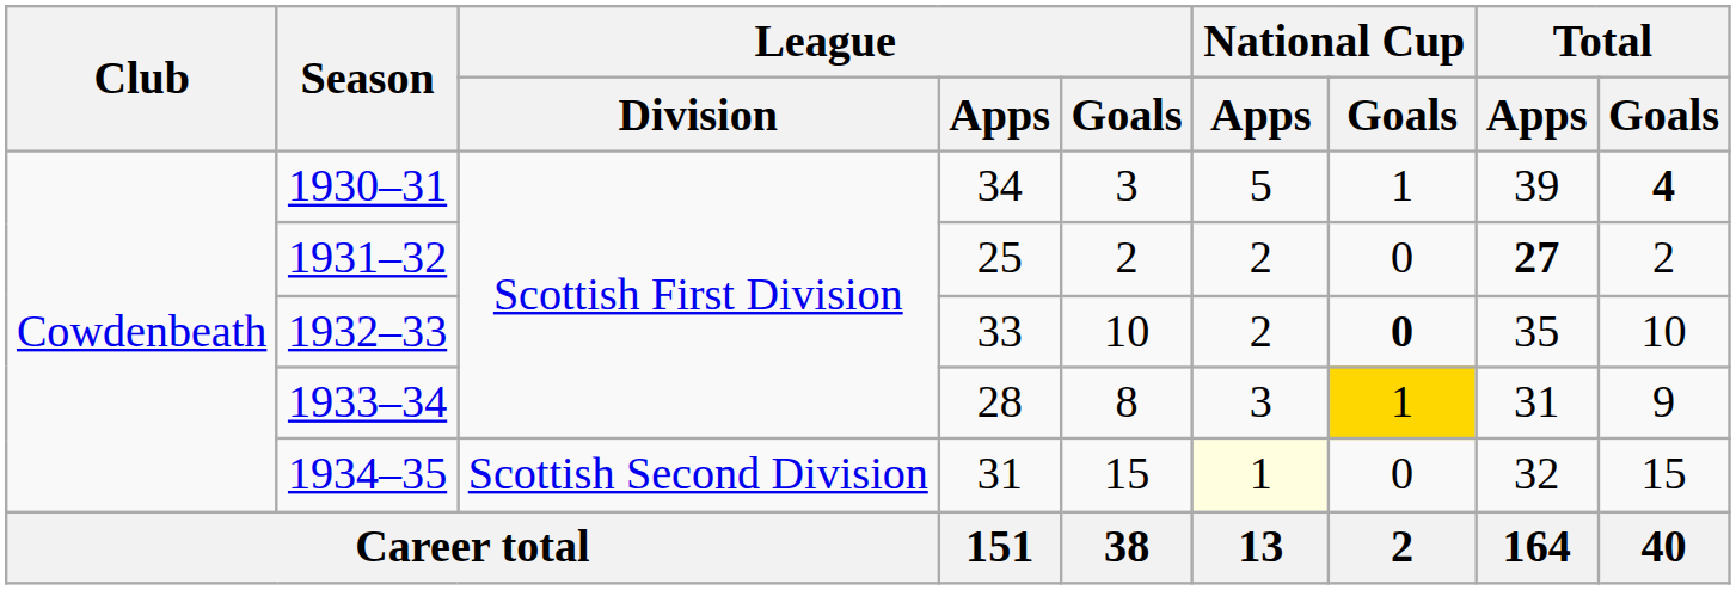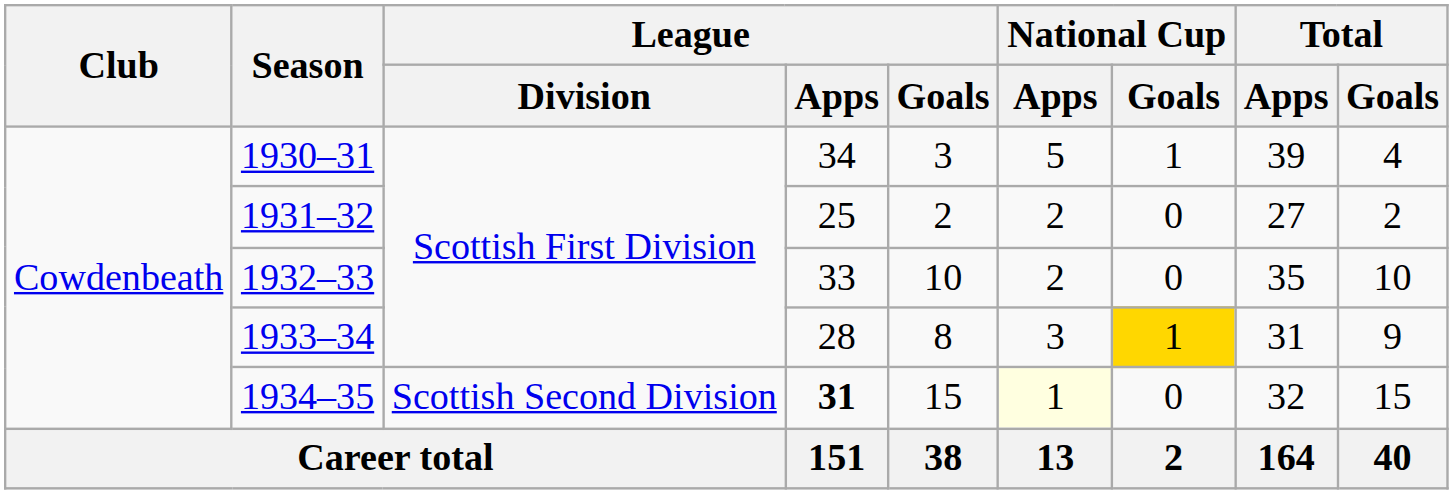 <table class="wikitable" style="text-align: center">
 <tr>
 <th rowspan="2">Club</th>
 <th rowspan="2">Season</th>
 <th colspan="3">League</th>
 <th colspan="2">National Cup</th>
 <th colspan="2">Total</th>
 </tr>
 <tr>
 <th>Division</th>
 <th>Apps</th>
 <th>Goals</th>
 <th>Apps</th>
 <th>Goals</th>
 <th>Apps</th>
 <th>Goals</th>
 </tr>
 <tr>
 <td rowspan="5"><a href='#'>Cowdenbeath</a></td>
 <td><a href='#'>1930–31</a></td>
 <td rowspan="4"><a href='#'>Scottish First Division</a></td>
 <td>34</td>
 <td>3</td>
 <td>5</td>
 <td>1</td>
 <td>39</td>
-<td><strong>4</strong></td>
+<td>4</td>
 </tr>
 <tr>
 <td><a href='#'>1931–32</a></td>
 <td>25</td>
 <td>2</td>
 <td>2</td>
 <td>0</td>
-<td><strong>27</strong></td>
+<td>27</td>
 <td>2</td>
 </tr>
 <tr>
 <td><a href='#'>1932–33</a></td>
 <td>33</td>
 <td>10</td>
 <td>2</td>
-<td><strong>0</strong></td>
+<td>0</td>
 <td>35</td>
 <td>10</td>
 </tr>
 <tr>
 <td><a href='#'>1933–34</a></td>
 <td>28</td>
 <td>8</td>
 <td>3</td>
 <td style="background: gold;">1</td>
 <td>31</td>
 <td>9</td>
 </tr>
 <tr>
 <td><a href='#'>1934–35</a></td>
 <td><a href='#'>Scottish Second Division</a></td>
-<td>31</td>
+<td><strong>31</strong></td>
 <td>15</td>
 <td style="background: lightyellow;">1</td>
 <td>0</td>
 <td>32</td>
 <td>15</td>
 </tr>
 <tr>
 <th colspan="3">Career total</th>
 <th>151</th>
 <th>38</th>
 <th>13</th>
 <th>2</th>
 <th>164</th>
 <th>40</th>
 </tr>
 </table>
